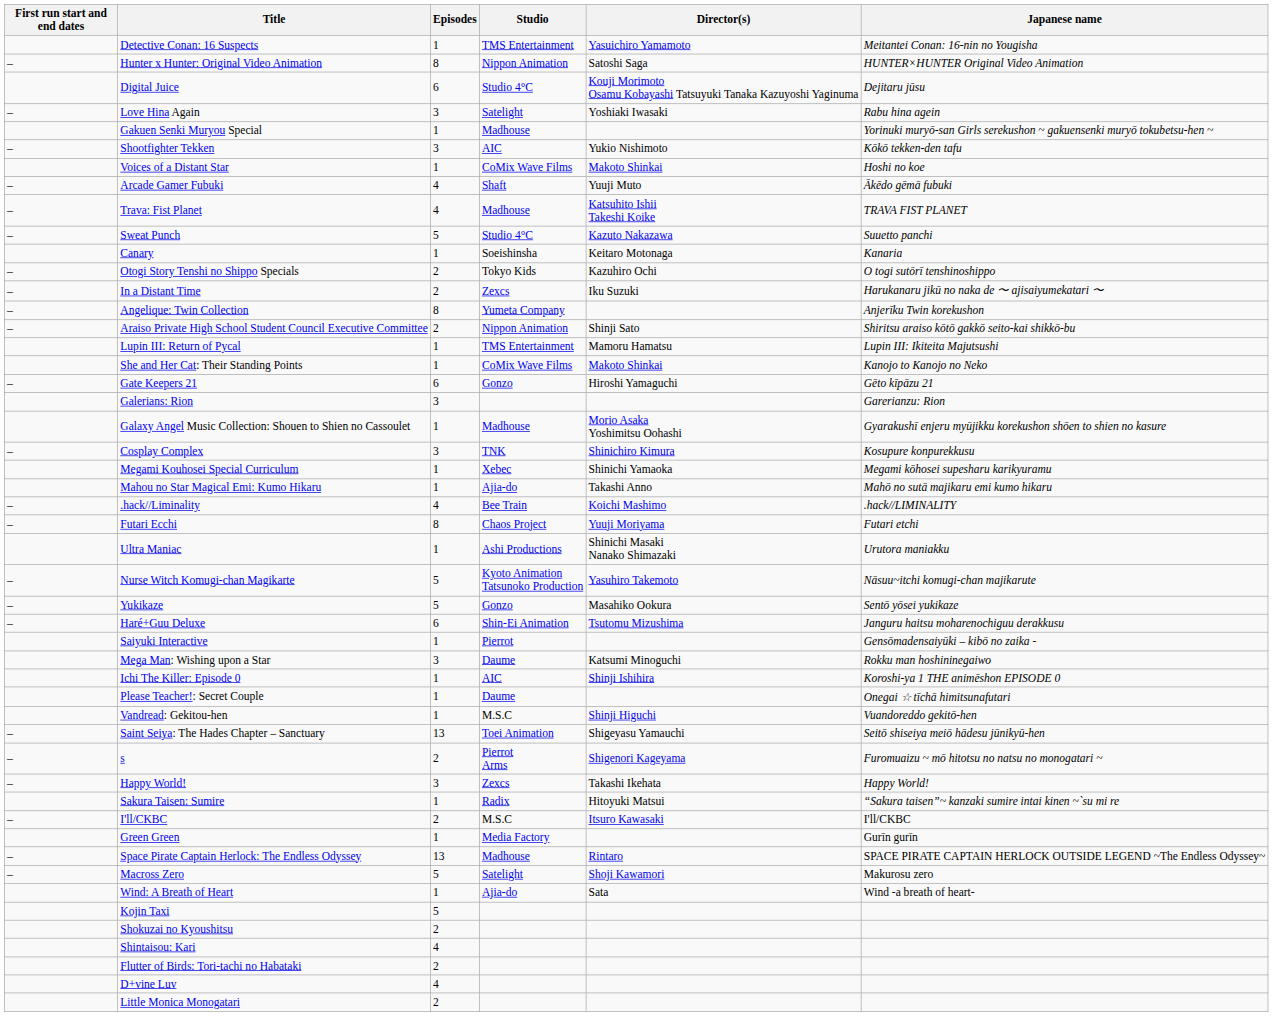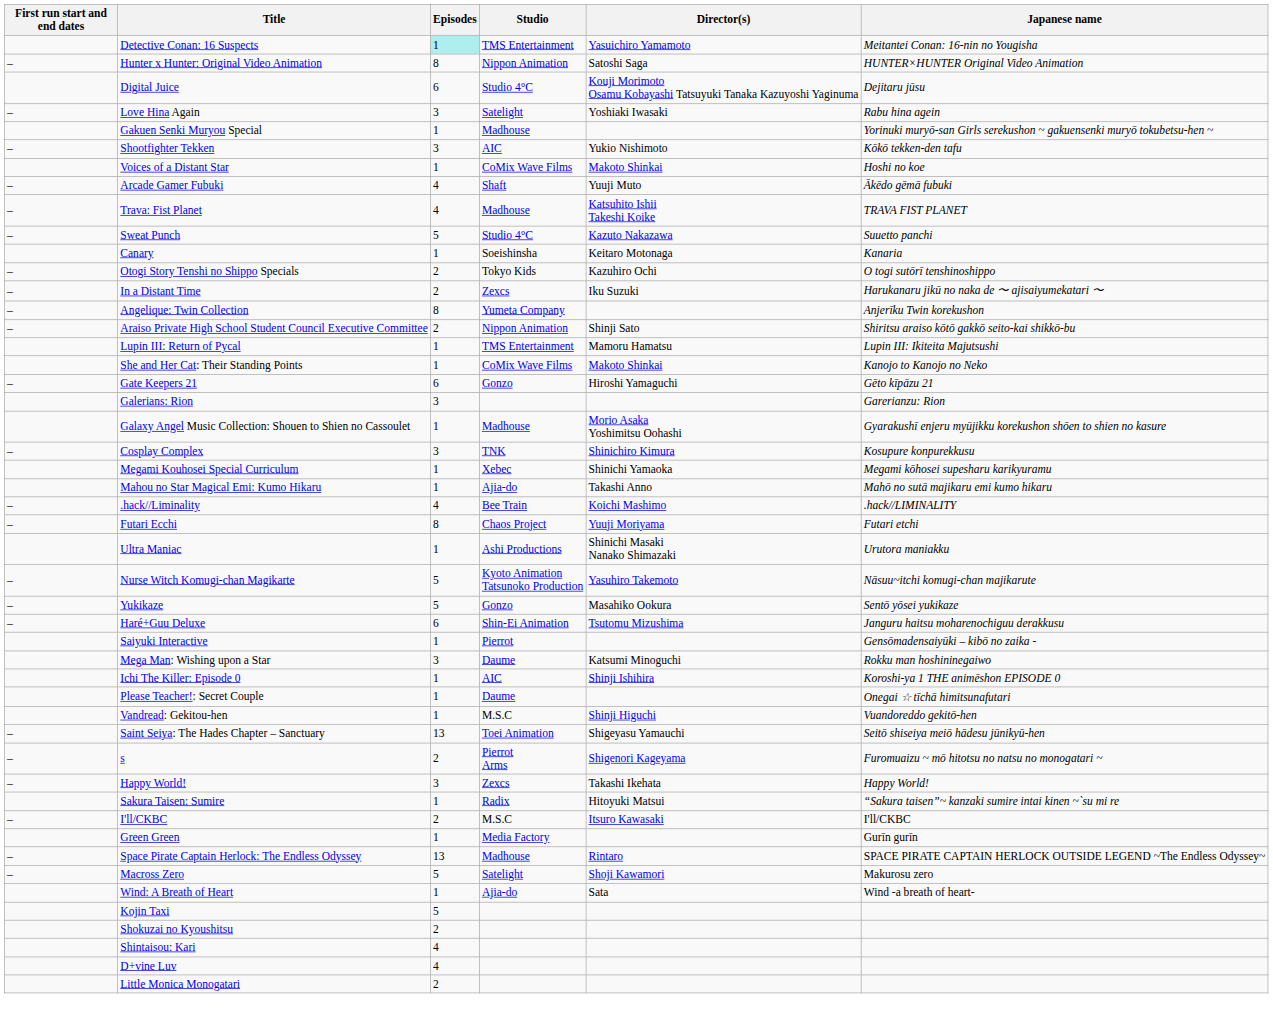 <table class="wikitable sortable" border="1">
 <tr>
 <th data-sort-type="text" width="150px">First run start and end dates</th>
 <th>Title</th>
 <th>Episodes</th>
 <th>Studio</th>
 <th>Director(s)</th>
 <th>Japanese name</th>
 </tr>
 <tr>
 <td></td>
 <td><a href='#'>Detective Conan: 16 Suspects</a></td>
-<td>1</td>
+<td style="background: paleturquoise;">1</td>
 <td><a href='#'>TMS Entertainment</a></td>
 <td><a href='#'>Yasuichiro Yamamoto</a></td>
 <td><em>Meitantei Conan: 16-nin no Yougisha</em></td>
 </tr>
 <tr>
 <td> – </td>
 <td><a href='#'>Hunter x Hunter: Original Video Animation</a></td>
 <td>8</td>
 <td><a href='#'>Nippon Animation</a></td>
 <td>Satoshi Saga</td>
 <td><em>HUNTER×HUNTER Original Video Animation</em></td>
 </tr>
 <tr>
 <td></td>
 <td><a href='#'>Digital Juice</a></td>
 <td>6</td>
 <td><a href='#'>Studio 4°C</a></td>
 <td><a href='#'>Kouji Morimoto</a><br><a href='#'>Osamu Kobayashi</a> Tatsuyuki Tanaka Kazuyoshi Yaginuma</td>
 <td><em>Dejitaru jūsu</em></td>
 </tr>
 <tr>
 <td> – </td>
 <td><a href='#'>Love Hina</a> Again</td>
 <td>3</td>
 <td><a href='#'>Satelight</a></td>
 <td>Yoshiaki Iwasaki</td>
 <td><em>Rabu hina agein</em></td>
 </tr>
 <tr>
 <td></td>
 <td><a href='#'>Gakuen Senki Muryou</a> Special</td>
 <td>1</td>
 <td><a href='#'>Madhouse</a></td>
 <td></td>
 <td><em>Yorinuki muryō-san Girls serekushon ~ gakuensenki muryō tokubetsu-hen ~</em></td>
 </tr>
 <tr>
 <td> – </td>
 <td><a href='#'>Shootfighter Tekken</a></td>
 <td>3</td>
 <td><a href='#'>AIC</a></td>
 <td>Yukio Nishimoto</td>
 <td><em>Kōkō tekken-den tafu</em></td>
 </tr>
 <tr>
 <td></td>
 <td><a href='#'>Voices of a Distant Star</a></td>
 <td>1</td>
 <td><a href='#'>CoMix Wave Films</a></td>
 <td><a href='#'>Makoto Shinkai</a></td>
 <td><em>Hoshi no koe</em></td>
 </tr>
 <tr>
 <td> – </td>
 <td><a href='#'>Arcade Gamer Fubuki</a></td>
 <td>4</td>
 <td><a href='#'>Shaft</a></td>
 <td>Yuuji Muto</td>
 <td><em>Ākēdo gēmā fubuki</em></td>
 </tr>
 <tr>
 <td> – </td>
 <td><a href='#'>Trava: Fist Planet</a></td>
 <td>4</td>
 <td><a href='#'>Madhouse</a></td>
 <td><a href='#'>Katsuhito Ishii</a><br><a href='#'>Takeshi Koike</a></td>
 <td><em>TRAVA FIST PLANET</em></td>
 </tr>
 <tr>
 <td> – </td>
 <td><a href='#'>Sweat Punch</a></td>
 <td>5</td>
 <td><a href='#'>Studio 4°C</a></td>
 <td><a href='#'>Kazuto Nakazawa</a></td>
 <td><em>Suuetto panchi</em></td>
 </tr>
 <tr>
 <td></td>
 <td><a href='#'>Canary</a></td>
 <td>1</td>
 <td>Soeishinsha</td>
 <td>Keitaro Motonaga</td>
 <td><em>Kanaria</em></td>
 </tr>
 <tr>
 <td> – </td>
 <td><a href='#'>Otogi Story Tenshi no Shippo</a> Specials</td>
 <td>2</td>
 <td>Tokyo Kids</td>
 <td>Kazuhiro Ochi</td>
 <td><em>O togi sutōrī tenshinoshippo</em></td>
 </tr>
 <tr>
 <td> – </td>
 <td><a href='#'>In a Distant Time</a></td>
 <td>2</td>
 <td><a href='#'>Zexcs</a></td>
 <td>Iku Suzuki</td>
 <td><em>Harukanaru jikū no naka de 〜 ajisaiyumekatari 〜</em></td>
 </tr>
 <tr>
 <td> – </td>
 <td><a href='#'>Angelique: Twin Collection</a></td>
 <td>8</td>
 <td><a href='#'>Yumeta Company</a></td>
 <td></td>
 <td><em>Anjerīku Twin korekushon</em></td>
 </tr>
 <tr>
 <td> – </td>
 <td><a href='#'>Araiso Private High School Student Council Executive Committee</a></td>
 <td>2</td>
 <td><a href='#'>Nippon Animation</a></td>
 <td>Shinji Sato</td>
 <td><em>Shiritsu araiso kōtō gakkō seito-kai shikkō-bu</em></td>
 </tr>
 <tr>
 <td></td>
 <td><a href='#'>Lupin III: Return of Pycal</a></td>
 <td>1</td>
 <td><a href='#'>TMS Entertainment</a></td>
 <td>Mamoru Hamatsu</td>
 <td><em>Lupin III: Ikiteita Majutsushi</em></td>
 </tr>
 <tr>
 <td></td>
 <td><a href='#'>She and Her Cat</a>: Their Standing Points</td>
 <td>1</td>
 <td><a href='#'>CoMix Wave Films</a></td>
 <td><a href='#'>Makoto Shinkai</a></td>
 <td><em>Kanojo to Kanojo no Neko</em></td>
 </tr>
 <tr>
 <td> – </td>
 <td><a href='#'>Gate Keepers 21</a></td>
 <td>6</td>
 <td><a href='#'>Gonzo</a></td>
 <td>Hiroshi Yamaguchi</td>
 <td><em>Gēto kīpāzu 21</em></td>
 </tr>
 <tr>
 <td></td>
 <td><a href='#'>Galerians: Rion</a></td>
 <td>3</td>
 <td></td>
 <td></td>
 <td><em>Garerianzu: Rion</em></td>
 </tr>
 <tr>
 <td></td>
 <td><a href='#'>Galaxy Angel</a> Music Collection: Shouen to Shien no Cassoulet</td>
 <td>1</td>
 <td><a href='#'>Madhouse</a></td>
 <td><a href='#'>Morio Asaka</a><br>Yoshimitsu Oohashi</td>
 <td><em>Gyarakushī enjeru myūjikku korekushon shōen to shien no kasure</em></td>
 </tr>
 <tr>
 <td> – </td>
 <td><a href='#'>Cosplay Complex</a></td>
 <td>3</td>
 <td><a href='#'>TNK</a></td>
 <td><a href='#'>Shinichiro Kimura</a></td>
 <td><em>Kosupure konpurekkusu</em></td>
 </tr>
 <tr>
 <td></td>
 <td><a href='#'>Megami Kouhosei Special Curriculum</a></td>
 <td>1</td>
 <td><a href='#'>Xebec</a></td>
 <td>Shinichi Yamaoka</td>
 <td><em>Megami kōhosei supesharu karikyuramu</em></td>
 </tr>
 <tr>
 <td></td>
 <td><a href='#'>Mahou no Star Magical Emi: Kumo Hikaru</a></td>
 <td>1</td>
 <td><a href='#'>Ajia-do</a></td>
 <td>Takashi Anno</td>
 <td><em>Mahō no sutā majikaru emi kumo hikaru</em></td>
 </tr>
 <tr>
 <td> – </td>
 <td><a href='#'>.hack//Liminality</a></td>
 <td>4</td>
 <td><a href='#'>Bee Train</a></td>
 <td><a href='#'>Koichi Mashimo</a></td>
 <td><em>.hack//LIMINALITY</em></td>
 </tr>
 <tr>
 <td> – </td>
 <td><a href='#'>Futari Ecchi</a></td>
 <td>8</td>
 <td><a href='#'>Chaos Project</a></td>
 <td><a href='#'>Yuuji Moriyama</a></td>
 <td><em>Futari etchi</em></td>
 </tr>
 <tr>
 <td></td>
 <td><a href='#'>Ultra Maniac</a></td>
 <td>1</td>
 <td><a href='#'>Ashi Productions</a></td>
 <td>Shinichi Masaki<br>Nanako Shimazaki</td>
 <td><em>Urutora maniakku</em></td>
 </tr>
 <tr>
 <td> – </td>
 <td><a href='#'>Nurse Witch Komugi-chan Magikarte</a></td>
 <td>5</td>
 <td><a href='#'>Kyoto Animation</a><br><a href='#'>Tatsunoko Production</a></td>
 <td><a href='#'>Yasuhiro Takemoto</a></td>
 <td><em>Nāsuu~itchi komugi-chan majikarute</em></td>
 </tr>
 <tr>
 <td> – </td>
 <td><a href='#'>Yukikaze</a></td>
 <td>5</td>
 <td><a href='#'>Gonzo</a></td>
 <td>Masahiko Ookura</td>
 <td><em>Sentō yōsei yukikaze</em></td>
 </tr>
 <tr>
 <td> – </td>
 <td><a href='#'>Haré+Guu Deluxe</a></td>
 <td>6</td>
 <td><a href='#'>Shin-Ei Animation</a></td>
 <td><a href='#'>Tsutomu Mizushima</a></td>
 <td><em>Janguru haitsu moharenochiguu derakkusu</em></td>
 </tr>
 <tr>
 <td></td>
 <td><a href='#'>Saiyuki Interactive</a></td>
 <td>1</td>
 <td><a href='#'>Pierrot</a></td>
 <td></td>
 <td><em>Gensōmadensaiyūki – kibō no zaika -</em></td>
 </tr>
 <tr>
 <td></td>
 <td><a href='#'>Mega Man</a>: Wishing upon a Star</td>
 <td>3</td>
 <td><a href='#'>Daume</a></td>
 <td>Katsumi Minoguchi</td>
 <td><em>Rokku man hoshininegaiwo</em></td>
 </tr>
 <tr>
 <td></td>
 <td><a href='#'>Ichi The Killer: Episode 0</a></td>
 <td>1</td>
 <td><a href='#'>AIC</a></td>
 <td><a href='#'>Shinji Ishihira</a></td>
 <td><em>Koroshi-ya 1 THE animēshon EPISODE 0</em></td>
 </tr>
 <tr>
 <td></td>
 <td><a href='#'>Please Teacher!</a>: Secret Couple</td>
 <td>1</td>
 <td><a href='#'>Daume</a></td>
 <td></td>
 <td><em>Onegai ☆ tīchā himitsunafutari</em></td>
 </tr>
 <tr>
 <td></td>
 <td><a href='#'>Vandread</a>: Gekitou-hen</td>
 <td>1</td>
 <td>M.S.C</td>
 <td><a href='#'>Shinji Higuchi</a></td>
 <td><em>Vuandoreddo gekitō-hen</em></td>
 </tr>
 <tr>
 <td> – </td>
 <td><a href='#'>Saint Seiya</a>: The Hades Chapter – Sanctuary</td>
 <td>13</td>
 <td><a href='#'>Toei Animation</a></td>
 <td>Shigeyasu Yamauchi</td>
 <td><em>Seitō shiseiya meiō hādesu jūnikyū-hen</em></td>
 </tr>
 <tr>
 <td> – </td>
 <td><a href='#'>s</a></td>
 <td>2</td>
 <td><a href='#'>Pierrot</a><br><a href='#'>Arms</a></td>
 <td><a href='#'>Shigenori Kageyama</a></td>
 <td><em>Furomuaizu ~ mō hitotsu no natsu no monogatari ~</em></td>
 </tr>
 <tr>
 <td> – </td>
 <td><a href='#'>Happy World!</a></td>
 <td>3</td>
 <td><a href='#'>Zexcs</a></td>
 <td>Takashi Ikehata</td>
 <td><em>Happy World!</em></td>
 </tr>
 <tr>
 <td></td>
 <td><a href='#'>Sakura Taisen: Sumire</a></td>
 <td>1</td>
 <td><a href='#'>Radix</a></td>
 <td>Hitoyuki Matsui</td>
 <td><em>“Sakura taisen”~ kanzaki sumire intai kinen ~`su mi re<strong></td>
 </tr>
 <tr>
 <td> – </td>
 <td><a href='#'>I'll/CKBC</a></td>
 <td>2</td>
 <td>M.S.C</td>
 <td><a href='#'>Itsuro Kawasaki</a></td>
 <td></em>I'll/CKBC<em></td>
 </tr>
 <tr>
 <td></td>
 <td><a href='#'>Green Green</a></td>
 <td>1</td>
 <td><a href='#'>Media Factory</a></td>
 <td></td>
 <td></em>Gurīn gurīn<em></td>
 </tr>
 <tr>
 <td> – </td>
 <td><a href='#'>Space Pirate Captain Herlock: The Endless Odyssey</a></td>
 <td>13</td>
 <td><a href='#'>Madhouse</a></td>
 <td><a href='#'>Rintaro</a></td>
 <td></em>SPACE PIRATE CAPTAIN HERLOCK OUTSIDE LEGEND ~The Endless Odyssey~<em></td>
 </tr>
 <tr>
 <td> – </td>
 <td><a href='#'>Macross Zero</a></td>
 <td>5</td>
 <td><a href='#'>Satelight</a></td>
 <td><a href='#'>Shoji Kawamori</a></td>
 <td></em>Makurosu zero<em></td>
 </tr>
 <tr>
 <td></td>
 <td><a href='#'>Wind: A Breath of Heart</a></td>
 <td>1</td>
 <td><a href='#'>Ajia-do</a></td>
 <td>Sata</td>
 <td></em>Wind -a breath of heart-<em></td>
 </tr>
 <tr>
 <td></td>
 <td><a href='#'>Kojin Taxi</a></td>
 <td>5</td>
 <td></td>
 <td></td>
 <td></td>
 </tr>
 <tr>
 <td></td>
 <td><a href='#'>Shokuzai no Kyoushitsu</a></td>
 <td>2</td>
 <td></td>
 <td></td>
 <td></td>
 </tr>
 <tr>
 <td></td>
 <td><a href='#'>Shintaisou: Kari</a></td>
 <td>4</td>
 <td></td>
 <td></td>
 <td></td>
 </tr>
 <tr>
 <td></td>
-<td></em><a href='#'>Flutter of Birds: Tori-tachi no Habataki</a><em></td>
-<td>2</td>
-<td></td>
-<td></td>
-<td></td>
-</tr>
-<tr>
-<td></td>
 <td></em><a href='#'>D+vine Luv</a><em></td>
 <td>4</td>
 <td></td>
 <td></td>
 <td></td>
 </tr>
 <tr>
 <td></td>
 <td></em><a href='#'>Little Monica Monogatari</a><em></td>
 <td>2</td>
 <td></td>
 <td></td>
 <td></td>
 </tr>
 </table>
